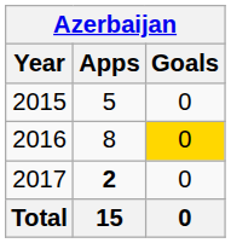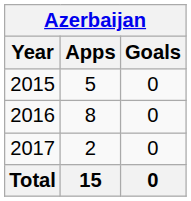 <table class="wikitable" style="text-align:center">
 <tr>
 <th colspan=3><a href='#'>Azerbaijan</a></th>
 </tr>
 <tr>
 <th>Year</th>
 <th>Apps</th>
 <th>Goals</th>
 </tr>
 <tr>
 <td>2015</td>
 <td>5</td>
 <td>0</td>
 </tr>
 <tr>
 <td>2016</td>
 <td>8</td>
-<td style="background: gold;">0</td>
+<td>0</td>
 </tr>
 <tr>
 <td>2017</td>
-<td><strong>2</strong></td>
+<td>2</td>
 <td>0</td>
 </tr>
 <tr>
 <th>Total</th>
 <th>15</th>
 <th>0</th>
 </tr>
 </table>
